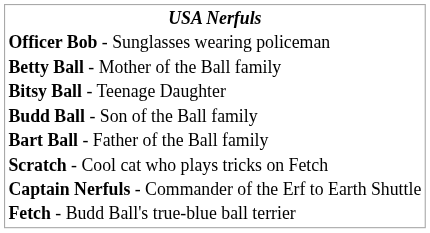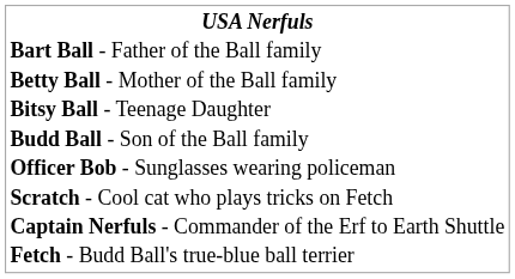 <table style="border: 1px solid darkgray; text-align:left">
 <tr>
 <td align="center"><strong><em>USA Nerfuls</em></strong></td>
 </tr>
 <tr border = "0">
-<td><strong>Officer Bob</strong> - Sunglasses wearing policeman</td>
+<td><strong>Bart Ball</strong> - Father of the Ball family</td>
 </tr>
 <tr border = "0">
 <td><strong>Betty Ball</strong> - Mother of the Ball family</td>
 </tr>
 <tr border = "0">
 <td><strong>Bitsy Ball</strong> - Teenage Daughter</td>
 </tr>
 <tr border = "0">
 <td><strong>Budd Ball</strong> - Son of the Ball family</td>
 </tr>
 <tr border = "0">
-<td><strong>Bart Ball</strong> - Father of the Ball family</td>
+<td><strong>Officer Bob</strong> - Sunglasses wearing policeman</td>
 </tr>
 <tr border = "0">
 <td><strong>Scratch</strong> - Cool cat who plays tricks on Fetch</td>
 </tr>
 <tr border = "0">
 <td><strong>Captain Nerfuls</strong> - Commander of the Erf to Earth Shuttle</td>
 </tr>
 <tr border = "0">
 <td><strong>Fetch</strong> - Budd Ball's true-blue ball terrier</td>
 </tr>
 </table>
